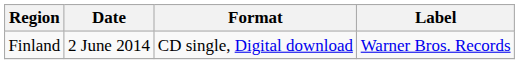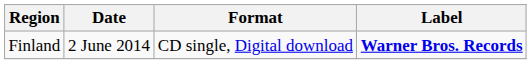 <table class=wikitable>
 <tr>
 <th>Region</th>
 <th>Date</th>
 <th>Format</th>
 <th>Label</th>
 </tr>
 <tr>
 <td>Finland</td>
 <td>2 June 2014</td>
 <td>CD single, <a href='#'>Digital download</a></td>
-<td><a href='#'>Warner Bros. Records</a></td>
+<td><strong><a href='#'>Warner Bros. Records</a></strong></td>
 </tr>
 <tr>
 </tr>
 </table>
